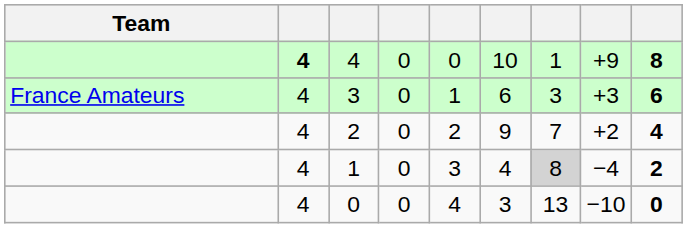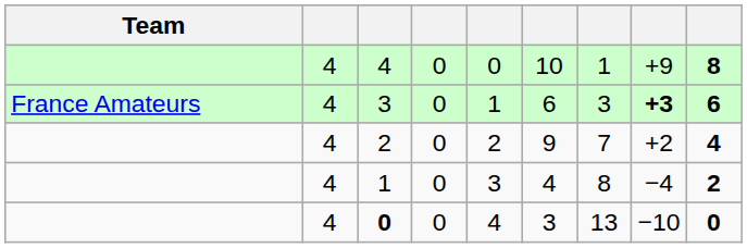 <table class="wikitable" style="text-align: center; font-size: 90%;">
 <tr>
 <th width=165>Team</th>
 <th width=25></th>
 <th width=25></th>
 <th width=25></th>
 <th width=25></th>
 <th width=25></th>
 <th width=25></th>
 <th width=25></th>
 <th width=25></th>
 </tr>
 <tr style="background:#cfc;">
 <td align="left"></td>
-<td><strong>4</strong></td>
+<td>4</td>
 <td>4</td>
 <td>0</td>
 <td>0</td>
 <td>10</td>
 <td>1</td>
 <td>+9</td>
 <td><strong>8</strong></td>
 </tr>
 <tr style="background:#cfc;">
 <td align="left"> <a href='#'>France Amateurs</a></td>
 <td>4</td>
 <td>3</td>
 <td>0</td>
 <td>1</td>
 <td>6</td>
 <td>3</td>
-<td>+3</td>
+<td><strong>+3</strong></td>
 <td><strong>6</strong></td>
 </tr>
 <tr>
 <td align="left"></td>
 <td>4</td>
 <td>2</td>
 <td>0</td>
 <td>2</td>
 <td>9</td>
 <td>7</td>
 <td>+2</td>
 <td><strong>4</strong></td>
 </tr>
 <tr>
 <td align="left"></td>
 <td>4</td>
 <td>1</td>
 <td>0</td>
 <td>3</td>
 <td>4</td>
-<td style="background: lightgrey;">8</td>
+<td>8</td>
 <td>−4</td>
 <td><strong>2</strong></td>
 </tr>
 <tr>
 <td align="left"></td>
 <td>4</td>
-<td>0</td>
+<td><strong>0</strong></td>
 <td>0</td>
 <td>4</td>
 <td>3</td>
 <td>13</td>
 <td>−10</td>
 <td><strong>0</strong></td>
 </tr>
 </table>
